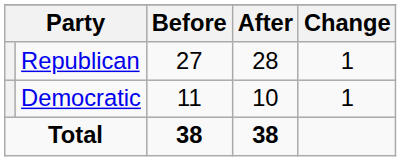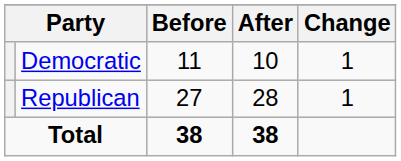 <table class="wikitable" style="text-align:center;">
 <tr>
 </tr>
 <tr>
 <th colspan=2>Party</th>
 <th>Before</th>
 <th>After</th>
 <th>Change</th>
 </tr>
 <tr>
 <th style="background-color:"></th>
-<td style="text-align:left;"><a href='#'>Republican</a></td>
-<td>27</td>
-<td>28</td>
+<td style="text-align:left;"><a href='#'>Democratic</a></td>
+<td>11</td>
+<td>10</td>
 <td> 1</td>
 </tr>
 <tr>
 <th style="background-color:"></th>
-<td style="text-align:left;"><a href='#'>Democratic</a></td>
-<td>11</td>
-<td>10</td>
+<td style="text-align:left;"><a href='#'>Republican</a></td>
+<td>27</td>
+<td>28</td>
 <td> 1</td>
 </tr>
 <tr>
 <td colspan=2><strong>Total</strong></td>
 <td><strong>38</strong></td>
 <td><strong>38</strong></td>
 <td></td>
 </tr>
 </table>
